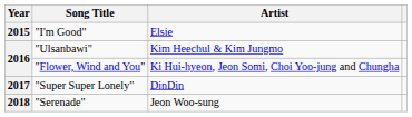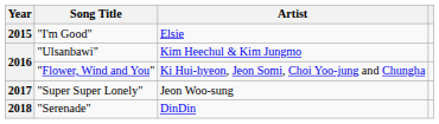 <table class="wikitable plainrowheaders">
 <tr>
 <th scope="col">Year</th>
 <th scope="col">Song Title</th>
 <th scope="col">Artist</th>
 <th scope="col" class="unsortable"></th>
 </tr>
 <tr>
 <th scope="row">2015</th>
 <td>"I'm Good"</td>
 <td><a href='#'>Elsie</a></td>
 <td style="text-align:center"></td>
 </tr>
 <tr>
 <th scope="row" rowspan="2">2016</th>
 <td>"Ulsanbawi"</td>
 <td><a href='#'>Kim Heechul & Kim Jungmo</a></td>
 <td style="text-align:center"></td>
 </tr>
 <tr>
 <td>"<a href='#'>Flower, Wind and You</a>"</td>
 <td><a href='#'>Ki Hui-hyeon</a>, <a href='#'>Jeon Somi</a>, <a href='#'>Choi Yoo-jung</a> and <a href='#'>Chungha</a></td>
 <td style="text-align:center"></td>
 </tr>
 <tr>
 <th scope="row">2017</th>
 <td>"Super Super Lonely"</td>
-<td><a href='#'>DinDin</a></td>
+<td>Jeon Woo-sung</td>
 <td style="text-align:center"></td>
 </tr>
 <tr>
 <th scope="row">2018</th>
 <td>"Serenade"</td>
-<td>Jeon Woo-sung</td>
+<td><a href='#'>DinDin</a></td>
 <td style="text-align:center"></td>
 </tr>
 </table>
